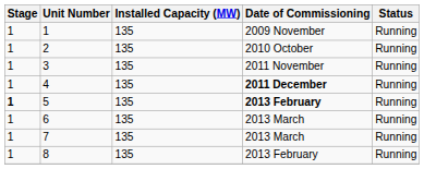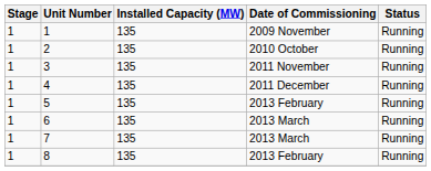 <table class="sortable wikitable">
 <tr>
 <th>Stage</th>
 <th>Unit Number</th>
 <th>Installed Capacity (<a href='#'>MW</a>)</th>
 <th>Date of Commissioning</th>
 <th>Status</th>
 </tr>
 <tr>
 <td>1</td>
 <td>1</td>
 <td>135</td>
 <td>2009 November</td>
 <td>Running</td>
 </tr>
 <tr>
 <td>1</td>
 <td>2</td>
 <td>135</td>
 <td>2010 October</td>
 <td>Running</td>
 </tr>
 <tr>
 <td>1</td>
 <td>3</td>
 <td>135</td>
 <td>2011 November</td>
 <td>Running</td>
 </tr>
 <tr>
 <td>1</td>
 <td>4</td>
 <td>135</td>
-<td><strong>2011 December</strong></td>
+<td>2011 December</td>
 <td>Running</td>
 </tr>
 <tr>
-<td><strong>1</strong></td>
+<td>1</td>
 <td>5</td>
 <td>135</td>
-<td><strong>2013 February</strong></td>
+<td>2013 February</td>
 <td>Running</td>
 </tr>
 <tr>
 <td>1</td>
 <td>6</td>
 <td>135</td>
 <td>2013 March</td>
 <td>Running</td>
 </tr>
 <tr>
 <td>1</td>
 <td>7</td>
 <td>135</td>
 <td>2013 March</td>
 <td>Running</td>
 </tr>
 <tr>
 <td>1</td>
 <td>8</td>
 <td>135</td>
 <td>2013 February</td>
 <td>Running</td>
 </tr>
 <tr>
 </tr>
 </table>
